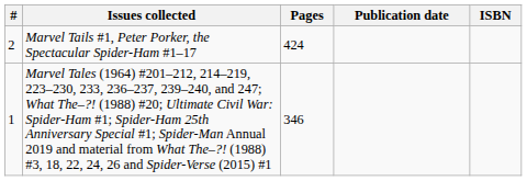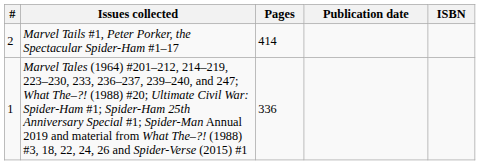 <table class="wikitable sortable" width=98%>
 <tr>
 <th class="unsortable">#</th>
 <th class="unsortable" width="50%">Issues collected</th>
 <th>Pages</th>
 <th>Publication date</th>
 <th class="unsortable">ISBN</th>
 </tr>
 <tr>
 <td>2</td>
 <td><em>Marvel Tails</em> #1, <em>Peter Porker, the Spectacular Spider-Ham</em> #1–17</td>
-<td>424</td>
+<td>414</td>
 <td></td>
 <td></td>
 </tr>
 <tr>
 <td>1</td>
 <td><em>Marvel Tales</em> (1964) #201–212, 214–219, 223–230, 233, 236–237, 239–240, and 247; <em>What The–?!</em> (1988) #20; <em>Ultimate Civil War: Spider-Ham</em> #1; <em>Spider-Ham 25th Anniversary Special</em> #1; <em>Spider-Man</em> Annual 2019 and material from <em>What The–?!</em> (1988) #3, 18, 22, 24, 26 and <em>Spider-Verse</em> (2015) #1</td>
-<td>346</td>
+<td>336</td>
 <td></td>
 <td></td>
 </tr>
 </table>
